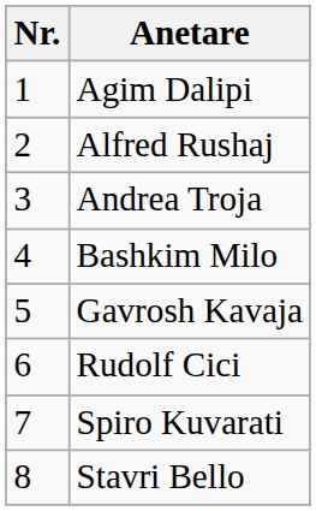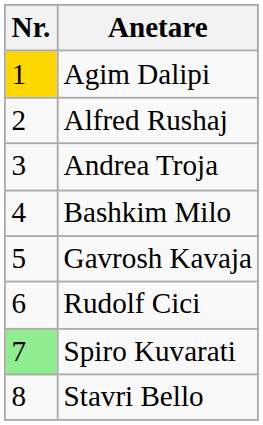 <table class="wikitable" border="1">
 <tr>
 <th>Nr.</th>
 <th>Anetare</th>
 </tr>
 <tr>
-<td>1</td>
+<td style="background: gold;">1</td>
 <td>Agim Dalipi</td>
 </tr>
 <tr>
 <td>2</td>
 <td>Alfred Rushaj</td>
 </tr>
 <tr>
 <td>3</td>
 <td>Andrea Troja</td>
 </tr>
 <tr>
 <td>4</td>
 <td>Bashkim Milo</td>
 </tr>
 <tr>
 <td>5</td>
 <td>Gavrosh Kavaja</td>
 </tr>
 <tr>
 <td>6</td>
 <td>Rudolf Cici</td>
 </tr>
 <tr>
-<td>7</td>
+<td style="background: lightgreen;">7</td>
 <td>Spiro Kuvarati</td>
 </tr>
 <tr>
 <td>8</td>
 <td>Stavri Bello</td>
 </tr>
 </table>
